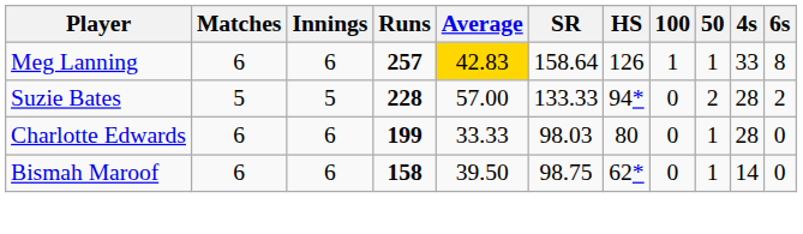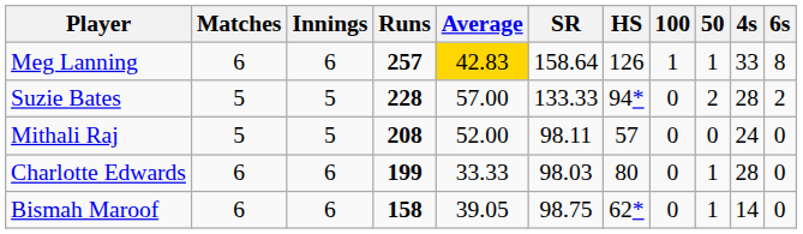 <table class="wikitable" style="text-align: center;">
 <tr>
 <th>Player</th>
 <th>Matches</th>
 <th>Innings</th>
 <th>Runs</th>
 <th><a href='#'>Average</a></th>
 <th>SR</th>
 <th>HS</th>
 <th>100</th>
 <th>50</th>
 <th>4s</th>
 <th>6s</th>
 </tr>
 <tr>
 <td style="text-align:left"> <a href='#'>Meg Lanning</a></td>
 <td>6</td>
 <td>6</td>
 <td><strong>257</strong></td>
 <td style="background: gold;">42.83</td>
 <td>158.64</td>
 <td>126</td>
 <td>1</td>
 <td>1</td>
 <td>33</td>
 <td>8</td>
 </tr>
 <tr>
 <td style="text-align:left"> <a href='#'>Suzie Bates</a></td>
 <td>5</td>
 <td>5</td>
 <td><strong>228</strong></td>
 <td>57.00</td>
 <td>133.33</td>
 <td>94<a href='#'>*</a></td>
 <td>0</td>
 <td>2</td>
 <td>28</td>
 <td>2</td>
 </tr>
 <tr>
+<td style="text-align:left"> <a href='#'>Mithali Raj</a></td>
+<td>5</td>
+<td>5</td>
+<td><strong>208</strong></td>
+<td>52.00</td>
+<td>98.11</td>
+<td>57</td>
+<td>0</td>
+<td>0</td>
+<td>24</td>
+<td>0</td>
+</tr>
+<tr>
 <td style="text-align:left"> <a href='#'>Charlotte Edwards</a></td>
 <td>6</td>
 <td>6</td>
 <td><strong>199</strong></td>
 <td>33.33</td>
 <td>98.03</td>
 <td>80</td>
 <td>0</td>
 <td>1</td>
 <td>28</td>
 <td>0</td>
 </tr>
 <tr>
 <td style="text-align:left"> <a href='#'>Bismah Maroof</a></td>
 <td>6</td>
 <td>6</td>
 <td><strong>158</strong></td>
-<td>39.50</td>
+<td>39.05</td>
 <td>98.75</td>
 <td>62<a href='#'>*</a></td>
 <td>0</td>
 <td>1</td>
 <td>14</td>
 <td>0</td>
 </tr>
 </table>
